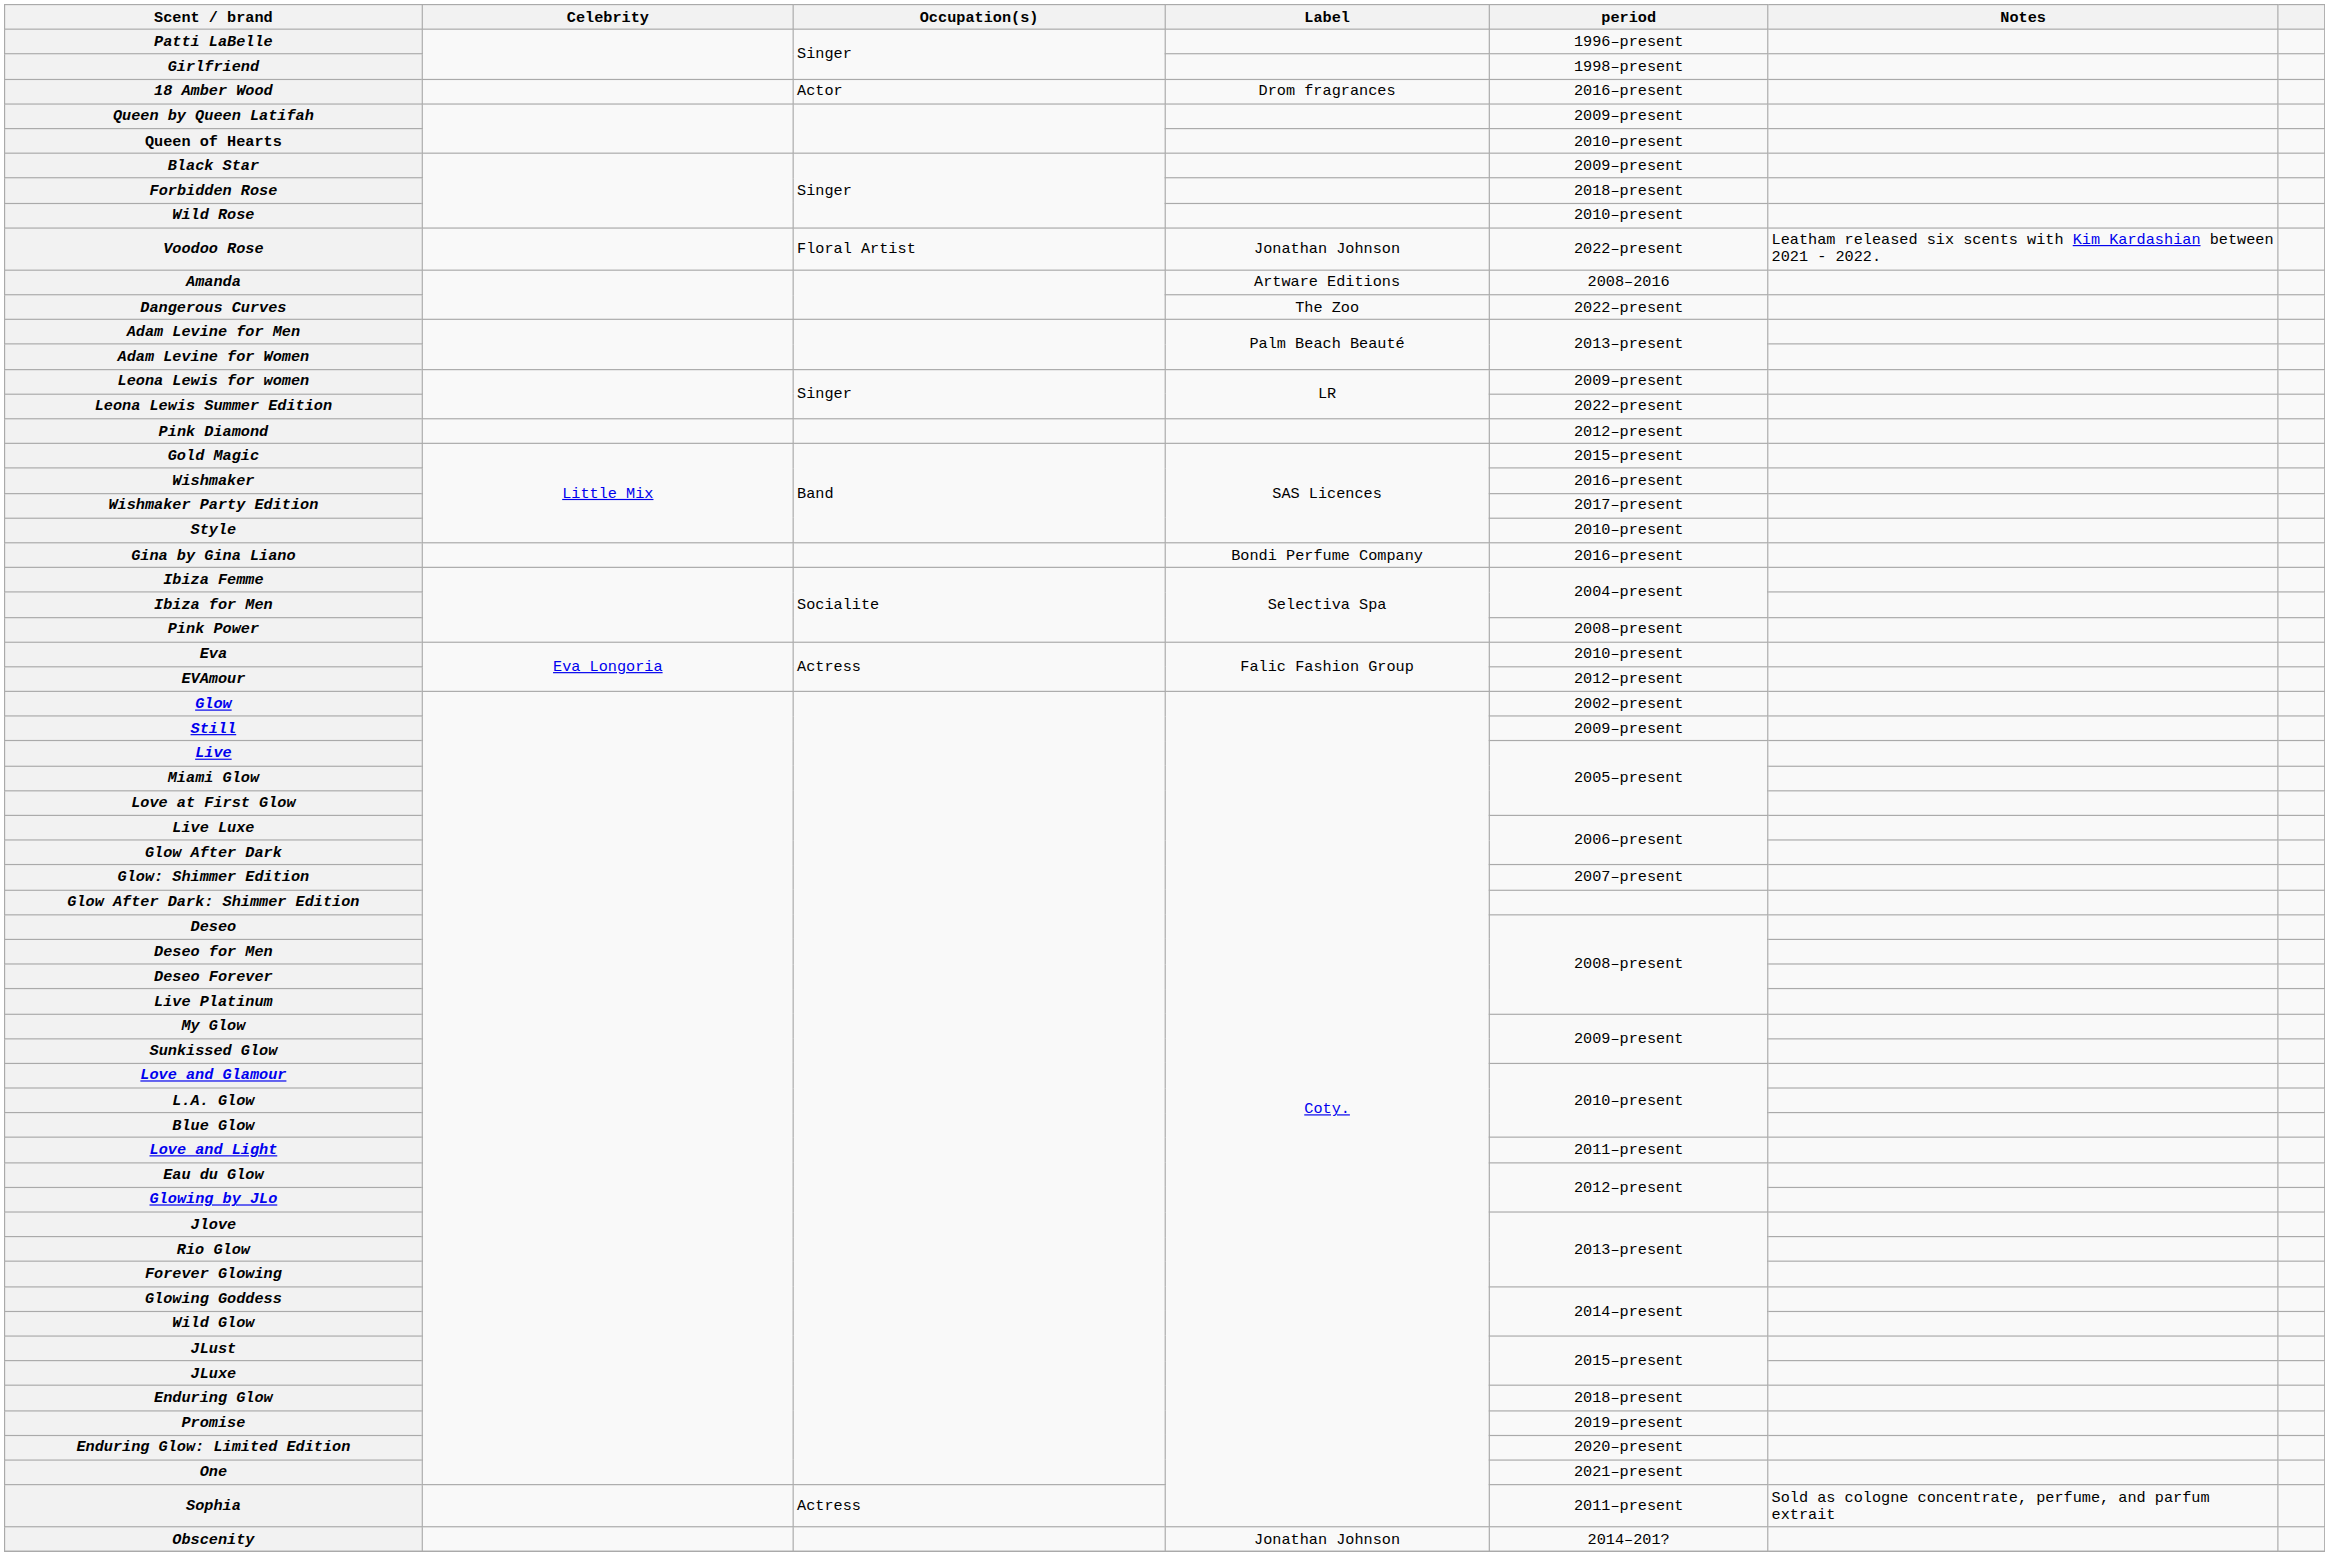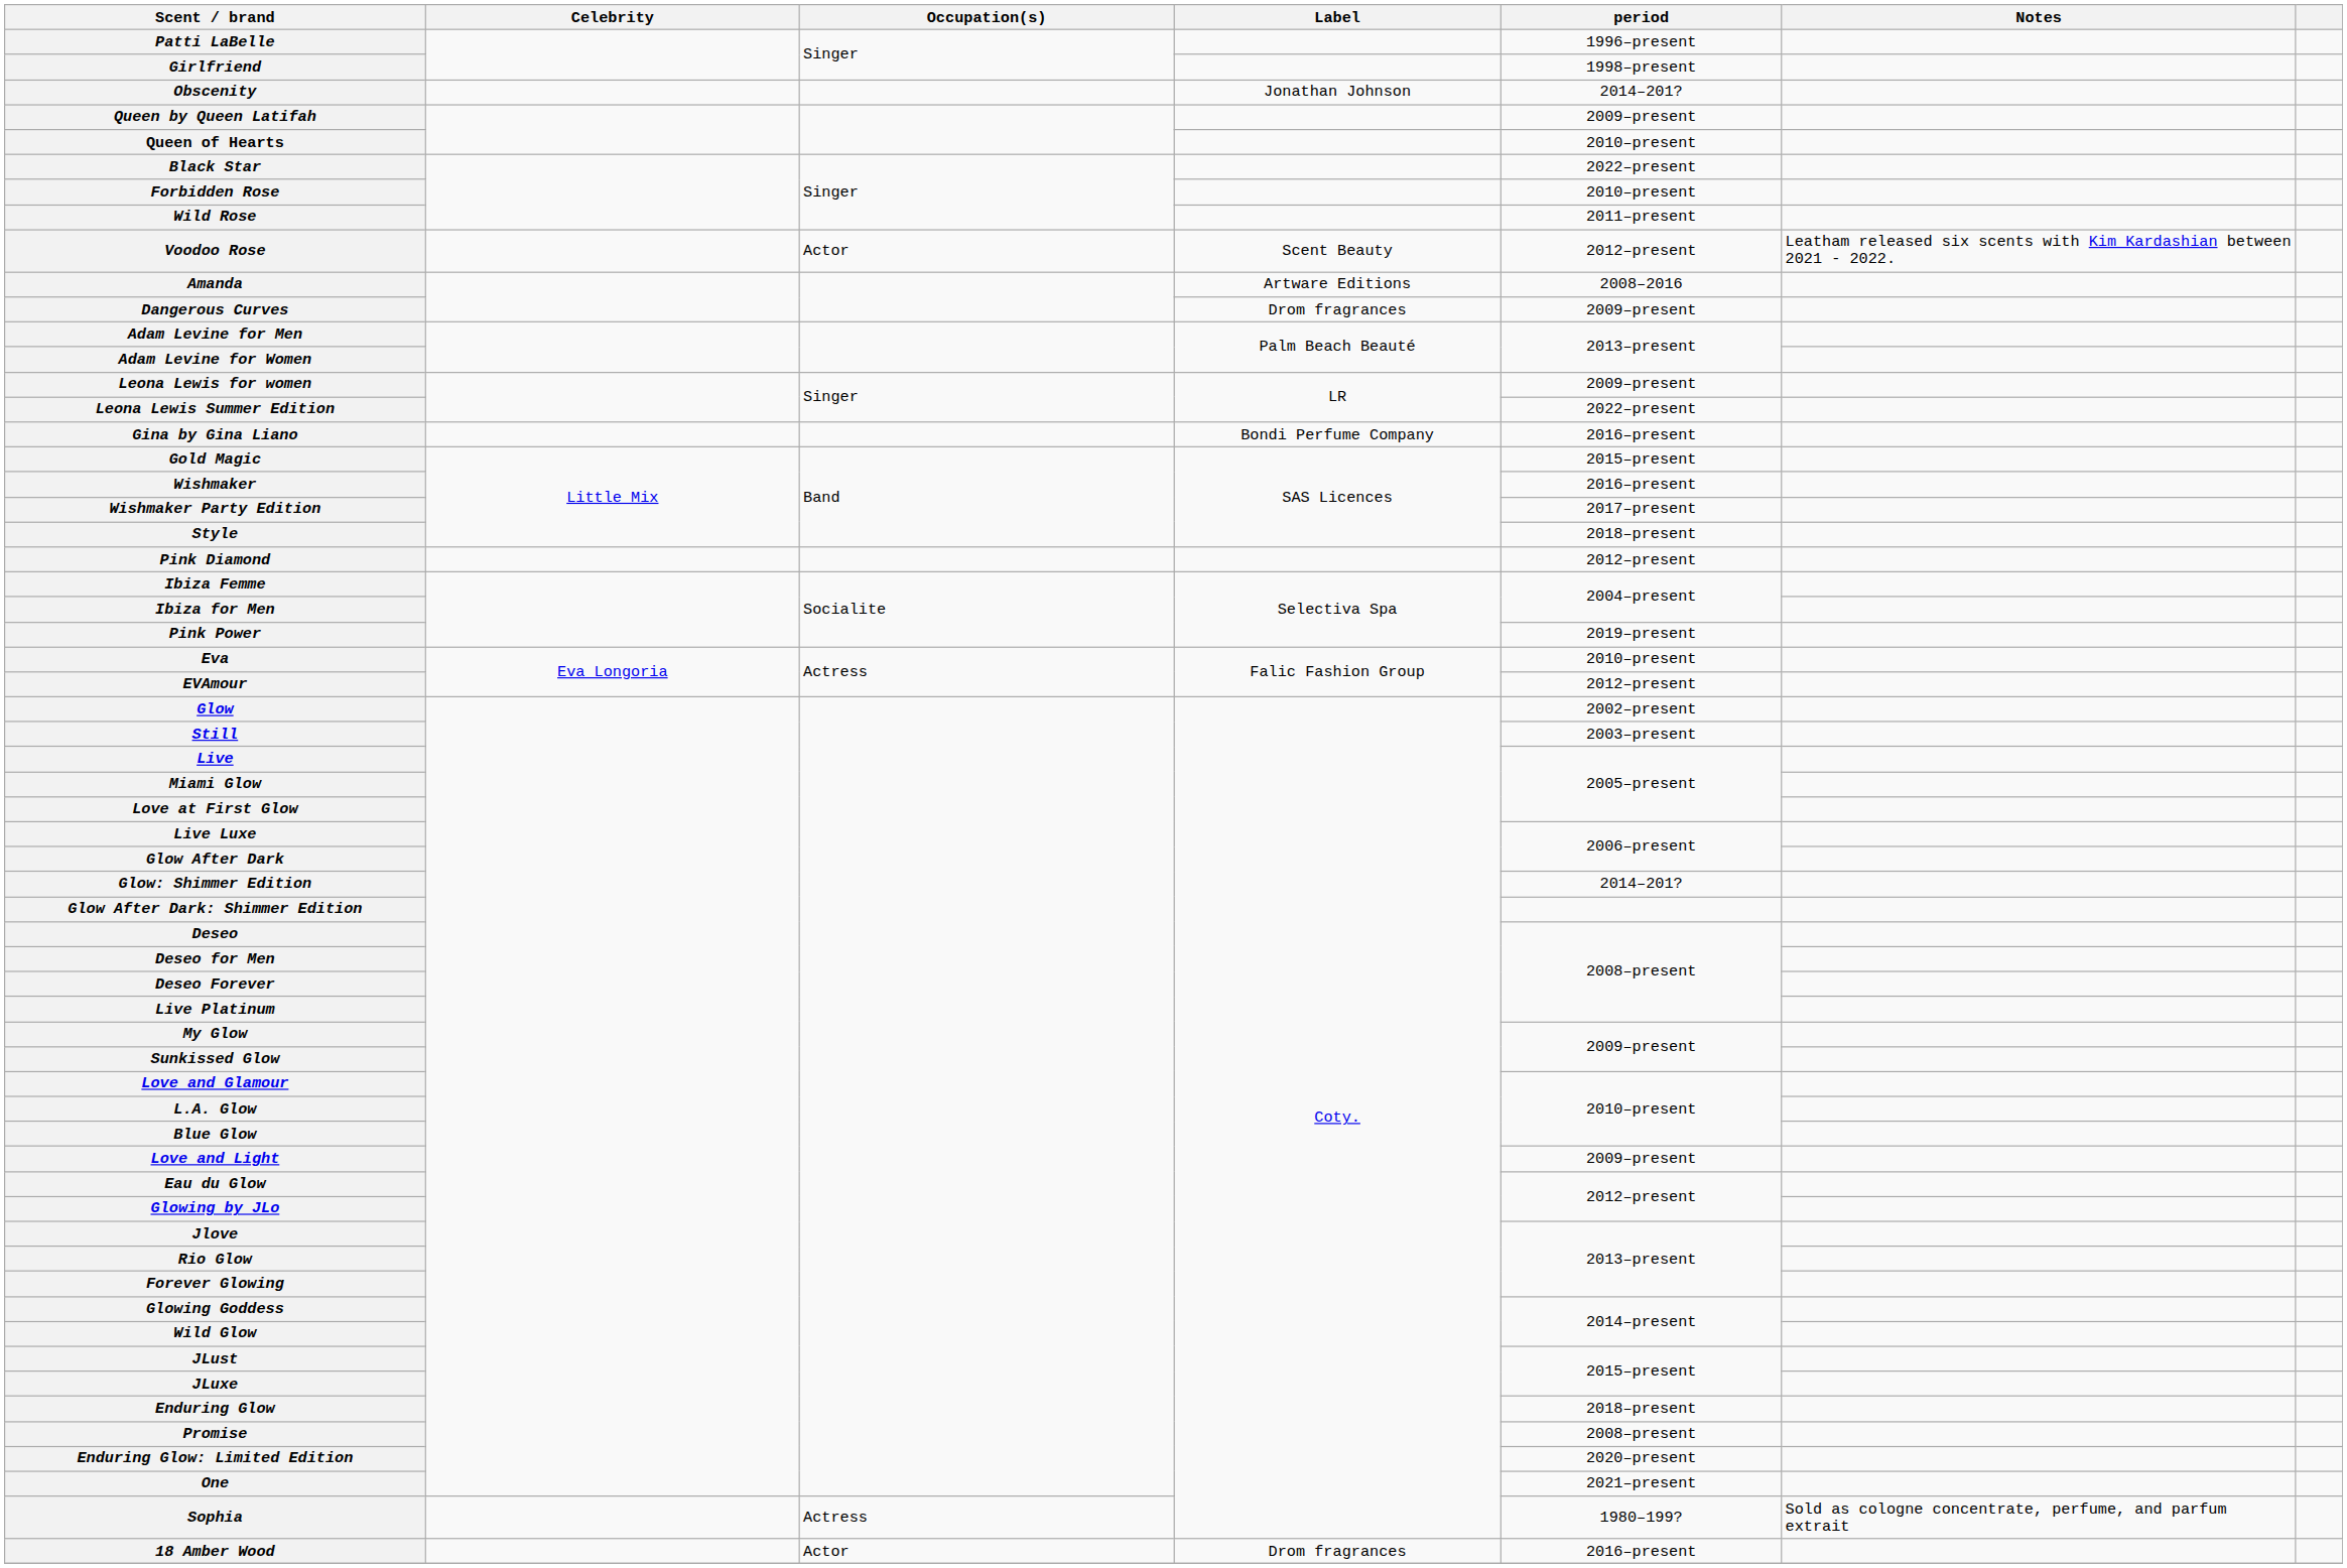 <table class="wikitable sortable plainrowheaders" font-size:95%; style="text-align:center;" width="100%;">
 <tr>
 <th scope="col" width="18%">Scent / brand</th>
 <th scope="col" width:"16%">Celebrity</th>
 <th scope="col" width="16%">Occupation(s)</th>
 <th scope="col" width="14%">Label</th>
 <th scope="col" width="12%"> period</th>
 <th scope="col" width="22%;" class="unsortable">Notes</th>
 <th scope="col" width="2%;" class="unsortable"></th>
 </tr>
 <tr>
 <th scope="row"><em>Patti LaBelle</em></th>
 <td rowspan="2"></td>
 <td rowspan="2" style="text-align:left;">Singer</td>
 <td></td>
 <td>1996–present</td>
 <td style="text-align:left;"></td>
 <td></td>
 </tr>
 <tr>
 <th scope="row"><em>Girlfriend</em></th>
 <td></td>
 <td>1998–present</td>
 <td style="text-align:left;"></td>
 <td></td>
 </tr>
 <tr>
-<th scope="row"><em>18 Amber Wood</em></th>
+<th scope="row"><em>Obscenity</em></th>
 <td></td>
-<td style="text-align:left;">Actor</td>
-<td>Drom fragrances</td>
-<td>2016–present</td>
+<td></td>
+<td>Jonathan Johnson</td>
+<td>2014–201?</td>
 <td style="text-align:left;"></td>
 <td></td>
 </tr>
 <tr>
 <th scope="row"><em>Queen by Queen Latifah</em></th>
 <td rowspan="2"></td>
 <td rowspan="2"></td>
 <td></td>
 <td>2009–present</td>
 <td style="text-align:left;"></td>
 <td></td>
 </tr>
 <tr>
 <th scope="row">Queen of Hearts</th>
 <td></td>
 <td>2010–present</td>
 <td style="text-align:left;"></td>
 <td></td>
 </tr>
 <tr>
 <th scope="row"><em>Black Star</em></th>
 <td rowspan="3"></td>
 <td rowspan="3" style="text-align:left;">Singer</td>
 <td></td>
-<td>2009–present</td>
+<td>2022–present</td>
 <td style="text-align:left;"></td>
 <td></td>
 </tr>
 <tr>
 <th scope="row"><em>Forbidden Rose</em></th>
 <td></td>
-<td>2018–present</td>
+<td>2010–present</td>
 <td style="text-align:left;"></td>
 <td></td>
 </tr>
 <tr>
 <th scope="row"><em>Wild Rose</em></th>
 <td></td>
-<td>2010–present</td>
+<td>2011–present</td>
 <td style="text-align:left;"></td>
 <td></td>
 </tr>
 <tr>
 <th scope="row"><em>Voodoo Rose</em></th>
 <td></td>
-<td style="text-align:left;">Floral Artist</td>
-<td>Jonathan Johnson</td>
-<td>2022–present</td>
+<td style="text-align:left;">Actor</td>
+<td>Scent Beauty</td>
+<td>2012–present</td>
 <td style="text-align:left;">Leatham released six scents with <a href='#'>Kim Kardashian</a> between 2021 - 2022.</td>
 <td></td>
 </tr>
 <tr>
 <th scope="row"><em>Amanda</em></th>
 <td rowspan="2"></td>
 <td rowspan="2"></td>
 <td>Artware Editions</td>
 <td>2008–2016</td>
 <td style="text-align:left;"></td>
 <td></td>
 </tr>
 <tr>
 <th scope="row"><em>Dangerous Curves</em></th>
-<td>The Zoo</td>
-<td>2022–present</td>
+<td>Drom fragrances</td>
+<td>2009–present</td>
 <td style="text-align:left;"></td>
 <td></td>
 </tr>
 <tr>
 <th scope="row"><em>Adam Levine for Men</em></th>
 <td rowspan="2"></td>
 <td rowspan="2"></td>
 <td rowspan="2">Palm Beach Beauté</td>
 <td rowspan="2">2013–present</td>
 <td style="text-align:left;"></td>
 <td></td>
 </tr>
 <tr>
 <th scope="row"><em>Adam Levine for Women</em></th>
 <td style="text-align:left;"></td>
 <td></td>
 </tr>
 <tr>
 <th scope="row"><em>Leona Lewis for women</em></th>
 <td rowspan="2"></td>
 <td rowspan="2" style="text-align:left;">Singer</td>
 <td rowspan="2">LR</td>
 <td>2009–present</td>
 <td style="text-align:left;"></td>
 <td></td>
 </tr>
 <tr>
 <th scope="row"><em>Leona Lewis Summer Edition</em></th>
 <td>2022–present</td>
 <td style="text-align:left;"></td>
 <td></td>
 </tr>
 <tr>
-<th scope="row"><em>Pink Diamond</em></th>
+<th scope="row"><em>Gina by Gina Liano</em></th>
 <td></td>
 <td></td>
-<td></td>
-<td>2012–present</td>
+<td>Bondi Perfume Company</td>
+<td>2016–present</td>
 <td style="text-align:left;"></td>
 <td></td>
 </tr>
 <tr>
 <th scope="row"><em>Gold Magic</em></th>
 <td rowspan="4"><a href='#'>Little Mix</a></td>
 <td rowspan="4" style="text-align:left;">Band</td>
 <td rowspan="4">SAS Licences</td>
 <td>2015–present</td>
 <td style="text-align:left;"></td>
 <td></td>
 </tr>
 <tr>
 <th scope="row"><em>Wishmaker</em></th>
 <td>2016–present</td>
 <td style="text-align:left;"></td>
 <td></td>
 </tr>
 <tr>
 <th scope="row"><em>Wishmaker Party Edition</em></th>
 <td>2017–present</td>
 <td style="text-align:left;"></td>
 <td></td>
 </tr>
 <tr>
 <th scope="row"><em>Style</em></th>
-<td>2010–present</td>
+<td>2018–present</td>
 <td style="text-align:left;"></td>
 <td></td>
 </tr>
 <tr>
-<th scope="row"><em>Gina by Gina Liano</em></th>
+<th scope="row"><em>Pink Diamond</em></th>
 <td></td>
 <td></td>
-<td>Bondi Perfume Company</td>
-<td>2016–present</td>
+<td></td>
+<td>2012–present</td>
 <td style="text-align:left;"></td>
 <td></td>
 </tr>
 <tr>
 <th scope="row"><em>Ibiza Femme</em></th>
 <td rowspan="3"></td>
 <td rowspan="3" style="text-align:left;">Socialite</td>
 <td rowspan="3">Selectiva Spa</td>
 <td rowspan="2">2004–present</td>
 <td style="text-align:left;"></td>
 <td></td>
 </tr>
 <tr>
 <th scope="row"><em>Ibiza for Men</em></th>
 <td style="text-align:left;"></td>
 <td></td>
 </tr>
 <tr>
 <th scope="row"><em>Pink Power</em></th>
-<td>2008–present</td>
+<td>2019–present</td>
 <td style="text-align:left;"></td>
 <td></td>
 </tr>
 <tr>
 <th scope="row"><em>Eva</em></th>
 <td rowspan="2"><a href='#'>Eva Longoria</a></td>
 <td rowspan="2" style="text-align:left;">Actress</td>
 <td rowspan="2">Falic Fashion Group</td>
 <td>2010–present</td>
 <td style="text-align:left;"></td>
 <td></td>
 </tr>
 <tr>
 <th scope="row"><em>EVAmour</em></th>
 <td>2012–present</td>
 <td style="text-align:left;"></td>
 <td></td>
 </tr>
 <tr>
 <th scope="row"><em><a href='#'>Glow</a></em></th>
 <td rowspan="32"></td>
 <td rowspan="32"></td>
 <td rowspan="33"><a href='#'>Coty.</a></td>
 <td>2002–present</td>
 <td style="text-align:left;"></td>
 <td></td>
 </tr>
 <tr>
 <th scope="row"><em><a href='#'>Still</a></em></th>
-<td>2009–present</td>
+<td>2003–present</td>
 <td style="text-align:left;"></td>
 <td></td>
 </tr>
 <tr>
 <th scope="row"><em><a href='#'>Live</a></em></th>
 <td rowspan="3">2005–present</td>
 <td style="text-align:left;"></td>
 <td></td>
 </tr>
 <tr>
 <th scope="row"><em>Miami Glow</em></th>
 <td style="text-align:left;"></td>
 <td></td>
 </tr>
 <tr>
 <th scope="row"><em>Love at First Glow</em></th>
 <td style="text-align:left;"></td>
 <td></td>
 </tr>
 <tr>
 <th scope="row"><em>Live Luxe</em></th>
 <td rowspan="2">2006–present</td>
 <td style="text-align:left;"></td>
 <td></td>
 </tr>
 <tr>
 <th scope="row"><em>Glow After Dark</em></th>
 <td style="text-align:left;"></td>
 <td></td>
 </tr>
 <tr>
 <th scope="row"><em>Glow: Shimmer Edition</em></th>
-<td>2007–present</td>
+<td>2014–201?</td>
 <td style="text-align:left;"></td>
 <td></td>
 </tr>
 <tr>
 <th scope="row"><em>Glow After Dark: Shimmer Edition</em></th>
 <td></td>
 <td style="text-align:left;"></td>
 <td></td>
 </tr>
 <tr>
 <th scope="row"><em>Deseo</em></th>
 <td rowspan="4">2008–present</td>
 <td style="text-align:left;"></td>
 <td></td>
 </tr>
 <tr>
 <th scope="row"><em>Deseo for Men</em></th>
 <td style="text-align:left;"></td>
 <td></td>
 </tr>
 <tr>
 <th scope="row"><em>Deseo Forever</em></th>
 <td style="text-align:left;"></td>
 <td></td>
 </tr>
 <tr>
 <th scope="row"><em>Live Platinum</em></th>
 <td style="text-align:left;"></td>
 <td></td>
 </tr>
 <tr>
 <th scope="row"><em>My Glow</em></th>
 <td rowspan="2">2009–present</td>
 <td style="text-align:left;"></td>
 <td></td>
 </tr>
 <tr>
 <th scope="row"><em>Sunkissed Glow</em></th>
 <td style="text-align:left;"></td>
 <td></td>
 </tr>
 <tr>
 <th scope="row"><em><a href='#'>Love and Glamour</a></em></th>
 <td rowspan="3">2010–present</td>
 <td style="text-align:left;"></td>
 <td></td>
 </tr>
 <tr>
 <th scope="row"><em>L.A. Glow</em></th>
 <td style="text-align:left;"></td>
 <td></td>
 </tr>
 <tr>
 <th scope="row"><em>Blue Glow</em></th>
 <td style="text-align:left;"></td>
 <td></td>
 </tr>
 <tr>
 <th scope="row"><em><a href='#'>Love and Light</a></em></th>
-<td>2011–present</td>
+<td>2009–present</td>
 <td style="text-align:left;"></td>
 <td></td>
 </tr>
 <tr>
 <th scope="row"><em>Eau du Glow</em></th>
 <td rowspan="2">2012–present</td>
 <td style="text-align:left;"></td>
 <td></td>
 </tr>
 <tr>
 <th scope="row"><em><a href='#'>Glowing by JLo</a></em></th>
 <td style="text-align:left;"></td>
 <td></td>
 </tr>
 <tr>
 <th scope="row"><em>Jlove</em></th>
 <td rowspan="3">2013–present</td>
 <td style="text-align:left;"></td>
 <td></td>
 </tr>
 <tr>
 <th scope="row"><em>Rio Glow</em></th>
 <td style="text-align:left;"></td>
 <td></td>
 </tr>
 <tr>
 <th scope="row"><em>Forever Glowing</em></th>
 <td style="text-align:left;"></td>
 <td></td>
 </tr>
 <tr>
 <th scope="row"><em>Glowing Goddess</em></th>
 <td rowspan="2">2014–present</td>
 <td style="text-align:left;"></td>
 <td></td>
 </tr>
 <tr>
 <th scope="row"><em>Wild Glow</em></th>
 <td style="text-align:left;"></td>
 <td></td>
 </tr>
 <tr>
 <th scope="row"><em>JLust</em></th>
 <td rowspan="2">2015–present</td>
 <td style="text-align:left;"></td>
 <td></td>
 </tr>
 <tr>
 <th scope="row"><em>JLuxe</em></th>
 <td style="text-align:left;"></td>
 <td></td>
 </tr>
 <tr>
 <th scope="row"><em>Enduring Glow</em></th>
 <td>2018–present</td>
 <td style="text-align:left;"></td>
 <td></td>
 </tr>
 <tr>
 <th scope="row"><em>Promise</em></th>
-<td>2019–present</td>
+<td>2008–present</td>
 <td style="text-align:left;"></td>
 <td></td>
 </tr>
 <tr>
 <th scope="row"><em>Enduring Glow: Limited Edition</em></th>
 <td>2020–present</td>
 <td style="text-align:left;"></td>
 <td></td>
 </tr>
 <tr>
 <th scope="row"><em>One</em></th>
 <td>2021–present</td>
 <td style="text-align:left;"></td>
 <td></td>
 </tr>
 <tr>
 <th scope="row"><em>Sophia</em></th>
 <td></td>
 <td style="text-align:left;">Actress</td>
-<td>2011–present</td>
+<td>1980–199?</td>
 <td style="text-align:left;">Sold as cologne concentrate, perfume, and parfum extrait</td>
 <td></td>
 </tr>
 <tr>
-<th scope="row"><em>Obscenity</em></th>
+<th scope="row"><em>18 Amber Wood</em></th>
 <td></td>
-<td></td>
-<td>Jonathan Johnson</td>
-<td>2014–201?</td>
+<td style="text-align:left;">Actor</td>
+<td>Drom fragrances</td>
+<td>2016–present</td>
 <td style="text-align:left;"></td>
 <td></td>
 </tr>
 <tr>
 </tr>
 </table>
